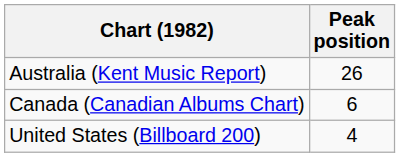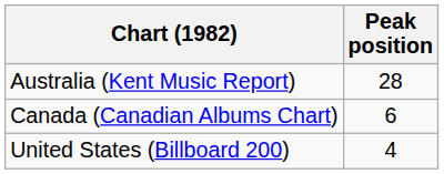 <table class="wikitable">
 <tr>
 <th scope="col">Chart (1982)</th>
 <th>Peak<br>position</th>
 </tr>
 <tr>
 <td>Australia (<a href='#'>Kent Music Report</a>)</td>
-<td style="text-align:center;">26</td>
+<td style="text-align:center;">28</td>
 </tr>
 <tr>
 <td>Canada (<a href='#'>Canadian Albums Chart</a>)</td>
 <td align="center">6</td>
 </tr>
 <tr>
 <td>United States (<a href='#'>Billboard 200</a>)</td>
 <td style="text-align:center;">4</td>
 </tr>
 </table>
